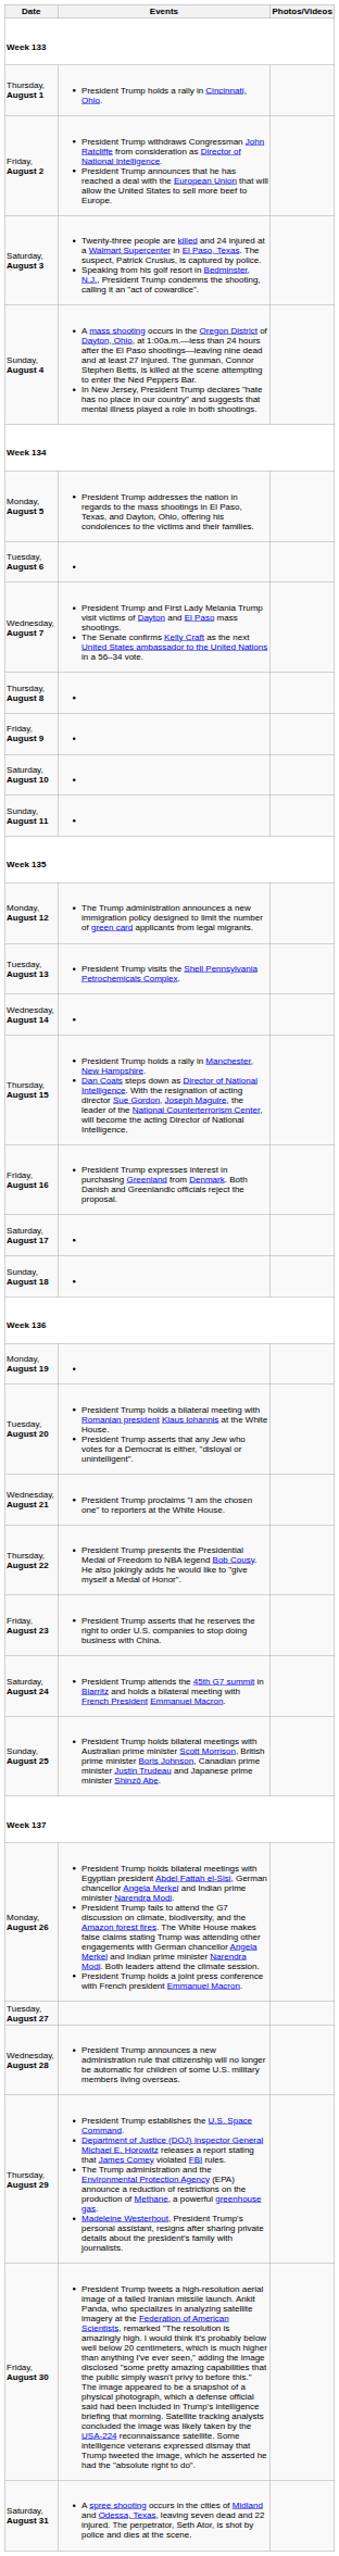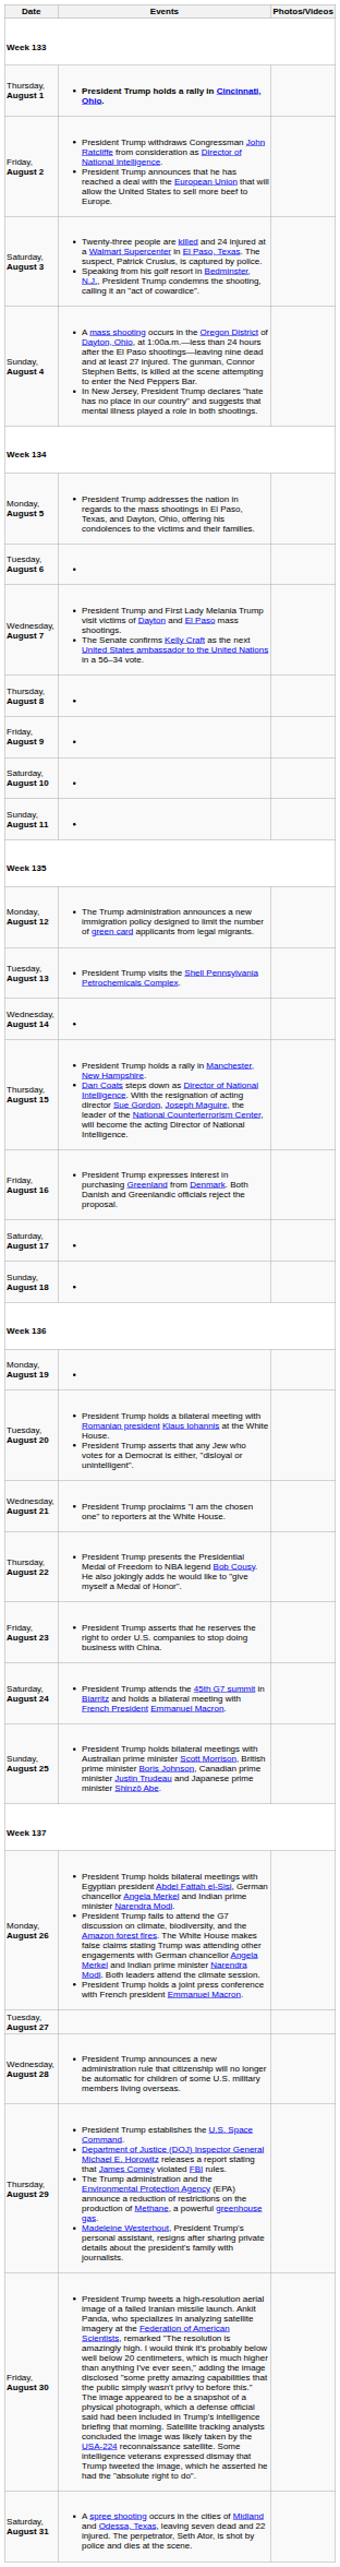 <table class="wikitable">
 <tr>
 <th>Date</th>
 <th>Events</th>
 <th>Photos/Videos</th>
 </tr>
 <tr style="background:white;">
 <td colspan="3"><br><h4>Week 133</h4></td>
 </tr>
 <tr>
 <td>Thursday, <strong>August 1</strong></td>
-<td><br><ul><li>President Trump holds a rally in <a href='#'>Cincinnati, Ohio</a>.</li></ul></td>
+<td><strong><br><ul><li>President Trump holds a rally in <a href='#'>Cincinnati, Ohio</a>.</li></ul></strong></td>
 <td></td>
 </tr>
 <tr>
 <td>Friday, <strong>August 2</strong></td>
 <td><br><ul><li>President Trump withdraws Congressman <a href='#'>John Ratcliffe</a> from consideration as <a href='#'>Director of National Intelligence</a>.</li><li>President Trump announces that he has reached a deal with the <a href='#'>European Union</a> that will allow the United States to sell more beef to Europe.</li></ul></td>
 <td></td>
 </tr>
 <tr>
 <td>Saturday, <strong>August 3</strong></td>
 <td><br><ul><li>Twenty-three people are <a href='#'>killed</a> and 24 injured at a <a href='#'>Walmart Supercenter</a> in <a href='#'>El Paso, Texas</a>. The suspect, Patrick Crusius, is captured by police.</li><li>Speaking from his golf resort in <a href='#'>Bedminster, N.J.</a>, President Trump condemns the shooting, calling it an "act of cowardice".</li></ul></td>
 <td></td>
 </tr>
 <tr>
 <td>Sunday, <strong>August 4</strong></td>
 <td><br><ul><li>A <a href='#'>mass shooting</a> occurs in the <a href='#'>Oregon District</a> of <a href='#'>Dayton, Ohio</a>, at 1:00a.m.—less than 24 hours after the El Paso shootings—leaving nine dead and at least 27 injured. The gunman, Connor Stephen Betts, is killed at the scene attempting to enter the Ned Peppers Bar.</li><li>In New Jersey, President Trump declares "hate has no place in our country" and suggests that mental illness played a role in both shootings.</li></ul></td>
 <td></td>
 </tr>
 <tr style="background:white;">
 <td colspan="3"><br><h4>Week 134</h4></td>
 </tr>
 <tr>
 <td>Monday, <strong>August 5</strong></td>
 <td><br><ul><li>President Trump addresses the nation in regards to the mass shootings in El Paso, Texas, and Dayton, Ohio, offering his condolences to the victims and their families.</li></ul></td>
 <td></td>
 </tr>
 <tr>
 <td>Tuesday, <strong>August 6</strong></td>
 <td><br><ul><li></li></ul></td>
 <td></td>
 </tr>
 <tr>
 <td>Wednesday, <strong>August 7</strong></td>
 <td><br><ul><li>President Trump and First Lady Melania Trump visit victims of <a href='#'>Dayton</a> and <a href='#'>El Paso</a> mass shootings.</li><li>The Senate confirms <a href='#'>Kelly Craft</a> as the next <a href='#'>United States ambassador to the United Nations</a> in a 56–34 vote.</li></ul></td>
 <td><br></td>
 </tr>
 <tr>
 <td>Thursday, <strong>August 8</strong></td>
 <td><br><ul><li></li></ul></td>
 <td></td>
 </tr>
 <tr>
 <td>Friday, <strong>August 9</strong></td>
 <td><br><ul><li></li></ul></td>
 <td></td>
 </tr>
 <tr>
 <td>Saturday, <strong>August 10</strong></td>
 <td><br><ul><li></li></ul></td>
 <td></td>
 </tr>
 <tr>
 <td>Sunday, <strong>August 11</strong></td>
 <td><br><ul><li></li></ul></td>
 <td></td>
 </tr>
 <tr style="background:white;">
 <td colspan="3"><br><h4>Week 135</h4></td>
 </tr>
 <tr>
 <td>Monday, <strong>August 12</strong></td>
 <td><br><ul><li>The Trump administration announces a new immigration policy designed to limit the number of <a href='#'>green card</a> applicants from legal migrants.</li></ul></td>
 <td></td>
 </tr>
 <tr>
 <td>Tuesday, <strong>August 13</strong></td>
 <td><br><ul><li>President Trump visits the <a href='#'>Shell Pennsylvania Petrochemicals Complex</a>.</li></ul></td>
 <td></td>
 </tr>
 <tr>
 <td>Wednesday, <strong>August 14</strong></td>
 <td><br><ul><li></li></ul></td>
 <td></td>
 </tr>
 <tr>
 <td>Thursday, <strong>August 15</strong></td>
 <td><br><ul><li>President Trump holds a rally in <a href='#'>Manchester, New Hampshire</a>.</li><li><a href='#'>Dan Coats</a> steps down as <a href='#'>Director of National Intelligence</a>. With the resignation of acting director <a href='#'>Sue Gordon</a>, <a href='#'>Joseph Maguire</a>, the leader of the <a href='#'>National Counterterrorism Center</a>, will become the acting Director of National Intelligence.</li></ul></td>
 <td></td>
 </tr>
 <tr>
 <td>Friday, <strong>August 16</strong></td>
 <td><br><ul><li>President Trump expresses interest in purchasing <a href='#'>Greenland</a> from <a href='#'>Denmark</a>. Both Danish and Greenlandic officials reject the proposal.</li></ul></td>
 <td></td>
 </tr>
 <tr>
 <td>Saturday, <strong>August 17</strong></td>
 <td><br><ul><li></li></ul></td>
 <td></td>
 </tr>
 <tr>
 <td>Sunday, <strong>August 18</strong></td>
 <td><br><ul><li></li></ul></td>
 <td></td>
 </tr>
 <tr style="background:white;">
 <td colspan="3"><br><h4>Week 136</h4></td>
 </tr>
 <tr>
 <td>Monday, <strong>August 19</strong></td>
 <td><br><ul><li></li></ul></td>
 <td></td>
 </tr>
 <tr>
 <td>Tuesday, <strong>August 20</strong></td>
 <td><br><ul><li>President Trump holds a bilateral meeting with <a href='#'>Romanian president</a> <a href='#'>Klaus Iohannis</a> at the White House.</li><li>President Trump asserts that any Jew who votes for a Democrat is either, "disloyal or unintelligent".</li></ul></td>
 <td></td>
 </tr>
 <tr>
 <td>Wednesday, <strong>August 21</strong></td>
 <td><br><ul><li>President Trump proclaims "I am the chosen one" to reporters at the White House.</li></ul></td>
 <td></td>
 </tr>
 <tr>
 <td>Thursday, <strong>August 22</strong></td>
 <td><br><ul><li>President Trump presents the Presidential Medal of Freedom to NBA legend <a href='#'>Bob Cousy</a>. He also jokingly adds he would like to "give myself a Medal of Honor".</li></ul></td>
 <td></td>
 </tr>
 <tr>
 <td>Friday, <strong>August 23</strong></td>
 <td><br><ul><li>President Trump asserts that he reserves the right to order U.S. companies to stop doing business with China.</li></ul></td>
 <td></td>
 </tr>
 <tr>
 <td>Saturday, <strong>August 24</strong></td>
 <td><br><ul><li>President Trump attends the <a href='#'>45th G7 summit</a> in <a href='#'>Biarritz</a> and holds a bilateral meeting with <a href='#'>French President</a> <a href='#'>Emmanuel Macron</a>.</li></ul></td>
 <td></td>
 </tr>
 <tr>
 <td>Sunday, <strong>August 25</strong></td>
 <td><br><ul><li>President Trump holds bilateral meetings with Australian prime minister <a href='#'>Scott Morrison</a>, British prime minister <a href='#'>Boris Johnson</a>, Canadian prime minister <a href='#'>Justin Trudeau</a> and Japanese prime minister <a href='#'>Shinzō Abe</a>.</li></ul></td>
 <td></td>
 </tr>
 <tr style="background:white;">
 <td colspan="3"><br><h4>Week 137</h4></td>
 </tr>
 <tr>
 <td>Monday, <strong>August 26</strong></td>
 <td><br><ul><li>President Trump holds bilateral meetings with Egyptian president <a href='#'>Abdel Fattah el-Sisi</a>, German chancellor <a href='#'>Angela Merkel</a> and Indian prime minister <a href='#'>Narendra Modi</a>.</li><li>President Trump fails to attend the G7 discussion on climate, biodiversity, and the <a href='#'>Amazon forest fires</a>. The White House makes false claims stating Trump was attending other engagements with German chancellor <a href='#'>Angela Merkel</a> and Indian prime minister <a href='#'>Narendra Modi</a>. Both leaders attend the climate session.</li><li>President Trump holds a joint press conference with French president <a href='#'>Emmanuel Macron</a>.</li></ul></td>
 <td></td>
 </tr>
 <tr>
 <td>Tuesday, <strong>August 27</strong></td>
 <td></td>
 <td></td>
 </tr>
 <tr>
 <td>Wednesday, <strong>August 28</strong></td>
 <td><br><ul><li>President Trump announces a new administration rule that citizenship will no longer be automatic for children of some U.S. military members living overseas.</li></ul></td>
 <td></td>
 </tr>
 <tr>
 <td>Thursday, <strong>August 29</strong></td>
 <td><br><ul><li>President Trump establishes the <a href='#'>U.S. Space Command</a>.</li><li><a href='#'>Department of Justice (DOJ) Inspector General</a> <a href='#'>Michael E. Horowitz</a> releases a report stating that <a href='#'>James Comey</a> violated <a href='#'>FBI</a> rules.</li><li>The Trump administration and the <a href='#'>Environmental Protection Agency</a> (EPA) announce a reduction of restrictions on the production of <a href='#'>Methane</a>, a powerful <a href='#'>greenhouse gas</a>.</li><li><a href='#'>Madeleine Westerhout</a>, President Trump's personal assistant, resigns after sharing private details about the president's family with journalists.</li></ul></td>
 <td></td>
 </tr>
 <tr>
 <td>Friday, <strong>August 30</strong></td>
 <td><br><ul><li>President Trump tweets a high-resolution aerial image of a failed Iranian missile launch. Ankit Panda, who specializes in analyzing satellite imagery at the <a href='#'>Federation of American Scientists</a>, remarked "The resolution is amazingly high. I would think it's probably below well below 20 centimeters, which is much higher than anything I've ever seen," adding the image disclosed "some pretty amazing capabilities that the public simply wasn't privy to before this." The image appeared to be a snapshot of a physical photograph, which a defense official said had been included in Trump's intelligence briefing that morning. Satellite tracking analysts concluded the image was likely taken by the <a href='#'>USA-224</a> reconnaissance satellite. Some intelligence veterans expressed dismay that Trump tweeted the image, which he asserted he had the "absolute right to do".</li></ul></td>
 <td></td>
 </tr>
 <tr>
 <td>Saturday, <strong>August 31</strong></td>
 <td><br><ul><li>A <a href='#'>spree shooting</a> occurs in the cities of <a href='#'>Midland</a> and <a href='#'>Odessa, Texas</a>, leaving seven dead and 22 injured. The perpetrator, Seth Ator, is shot by police and dies at the scene.</li></ul></td>
 <td></td>
 </tr>
 </table>
